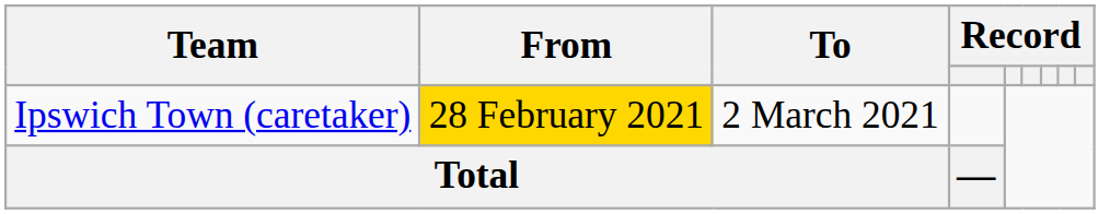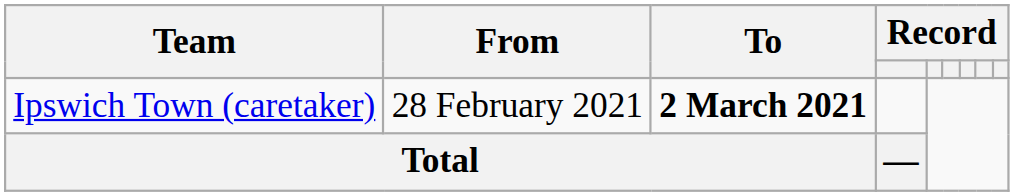 <table class="wikitable" style="text-align: center">
 <tr>
 <th rowspan="2">Team</th>
 <th rowspan="2">From</th>
 <th rowspan="2">To</th>
 <th colspan="6">Record</th>
 </tr>
 <tr>
 <th></th>
 <th></th>
 <th></th>
 <th></th>
 <th></th>
 <th></th>
 </tr>
 <tr>
 <td><a href='#'>Ipswich Town (caretaker)</a></td>
-<td style="background: gold;">28 February 2021</td>
-<td>2 March 2021<br></td>
+<td>28 February 2021</td>
+<td><strong>2 March 2021<br></strong></td>
 <td></td>
 </tr>
 <tr>
 <th colspan=3>Total<br></th>
 <th>—</th>
 </tr>
 </table>
